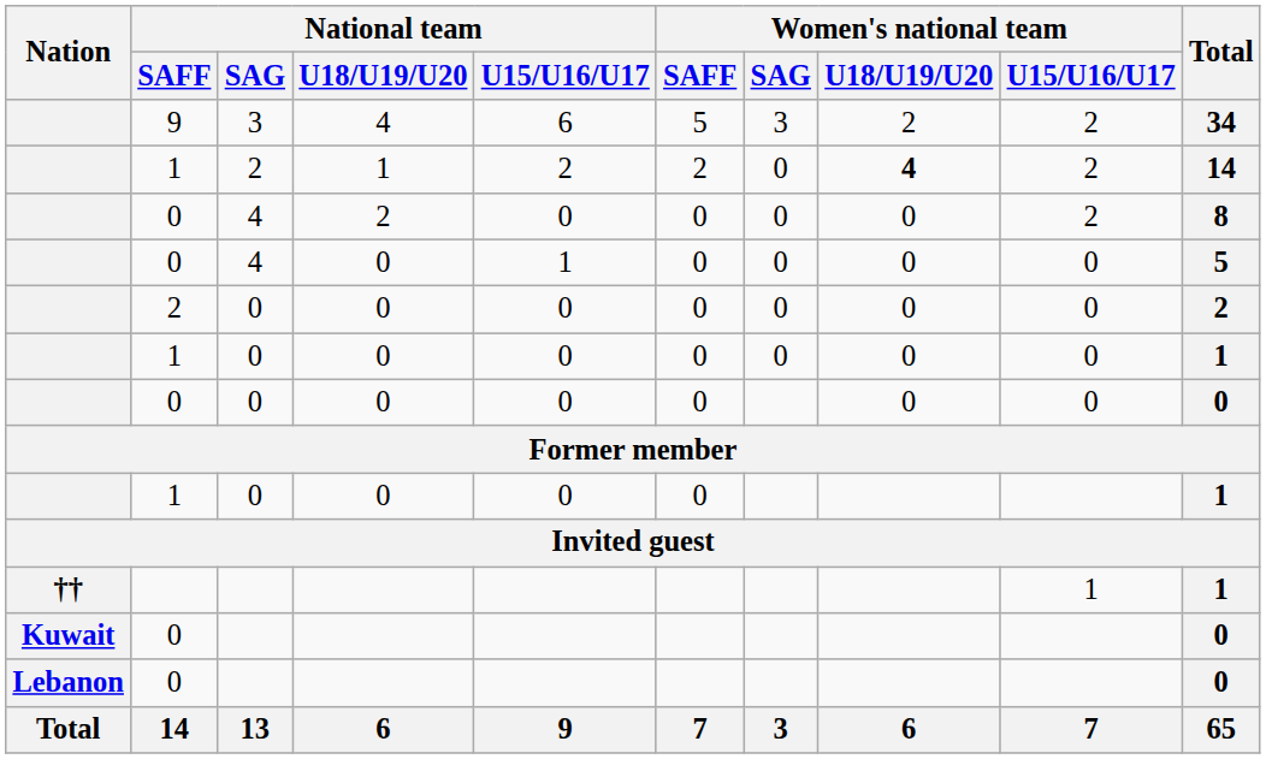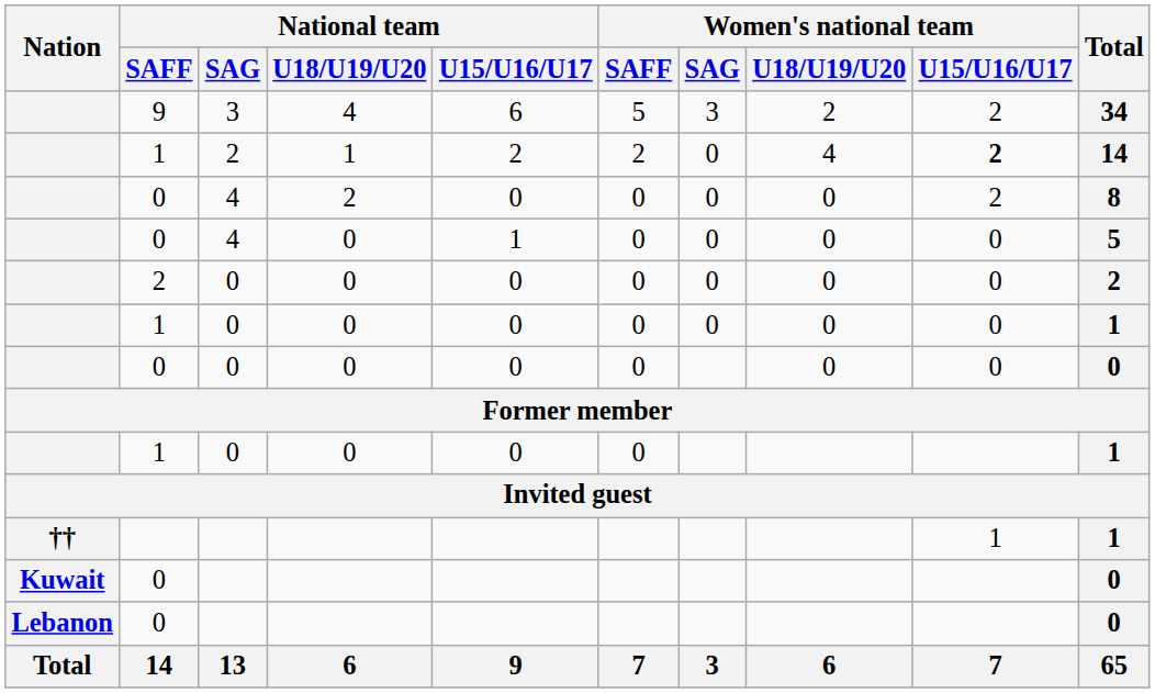 <table class="wikitable" style="text-align:center">
 <tr>
 <th rowspan=2>Nation</th>
 <th colspan=4>National team</th>
 <th colspan=4>Women's national team</th>
 <th rowspan="2">Total</th>
 </tr>
 <tr>
 <th><a href='#'>SAFF</a></th>
 <th><a href='#'>SAG</a></th>
 <th><a href='#'>U18/U19/U20</a></th>
 <th><a href='#'>U15/U16/U17</a></th>
 <th><a href='#'>SAFF</a></th>
 <th><a href='#'>SAG</a></th>
 <th><a href='#'>U18/U19/U20</a></th>
 <th><a href='#'>U15/U16/U17</a></th>
 </tr>
 <tr>
 <th></th>
 <td>9</td>
 <td>3</td>
 <td>4</td>
 <td>6</td>
 <td>5</td>
 <td>3</td>
 <td>2</td>
 <td>2</td>
 <th>34</th>
 </tr>
 <tr>
 <th></th>
 <td>1</td>
 <td>2</td>
 <td>1</td>
 <td>2</td>
 <td>2</td>
 <td>0</td>
-<td><strong>4</strong></td>
-<td>2</td>
+<td>4</td>
+<td><strong>2</strong></td>
 <th>14</th>
 </tr>
 <tr>
 <th></th>
 <td>0</td>
 <td>4</td>
 <td>2</td>
 <td>0</td>
 <td>0</td>
 <td>0</td>
 <td>0</td>
 <td>2</td>
 <th>8</th>
 </tr>
 <tr>
 <th></th>
 <td>0</td>
 <td>4</td>
 <td>0</td>
 <td>1</td>
 <td>0</td>
 <td>0</td>
 <td>0</td>
 <td>0</td>
 <th>5</th>
 </tr>
 <tr>
 <th></th>
 <td>2</td>
 <td>0</td>
 <td>0</td>
 <td>0</td>
 <td>0</td>
 <td>0</td>
 <td>0</td>
 <td>0</td>
 <th>2</th>
 </tr>
 <tr>
 <th></th>
 <td>1</td>
 <td>0</td>
 <td>0</td>
 <td>0</td>
 <td>0</td>
 <td>0</td>
 <td>0</td>
 <td>0</td>
 <th>1</th>
 </tr>
 <tr>
 <th></th>
 <td>0</td>
 <td>0</td>
 <td>0</td>
 <td>0</td>
 <td>0</td>
 <td></td>
 <td>0</td>
 <td>0</td>
 <th>0</th>
 </tr>
 <tr>
 <th colspan="10">Former member</th>
 </tr>
 <tr>
 <th></th>
 <td>1</td>
 <td>0</td>
 <td>0</td>
 <td>0</td>
 <td>0</td>
 <td></td>
 <td></td>
 <td></td>
 <th>1</th>
 </tr>
 <tr>
 <th colspan="10">Invited guest</th>
 </tr>
 <tr>
 <th>††</th>
 <td></td>
 <td></td>
 <td></td>
 <td></td>
 <td></td>
 <td></td>
 <td></td>
 <td>1</td>
 <th>1</th>
 </tr>
 <tr>
 <th> <a href='#'>Kuwait</a></th>
 <td>0</td>
 <td></td>
 <td></td>
 <td></td>
 <td></td>
 <td></td>
 <td></td>
 <td></td>
 <th>0</th>
 </tr>
 <tr>
 <th> <a href='#'>Lebanon</a></th>
 <td>0</td>
 <td></td>
 <td></td>
 <td></td>
 <td></td>
 <td></td>
 <td></td>
 <td></td>
 <th>0</th>
 </tr>
 <tr>
 <th>Total</th>
 <th>14</th>
 <th>13</th>
 <th>6</th>
 <th>9</th>
 <th>7</th>
 <th>3</th>
 <th>6</th>
 <th>7</th>
 <th>65</th>
 </tr>
 </table>
